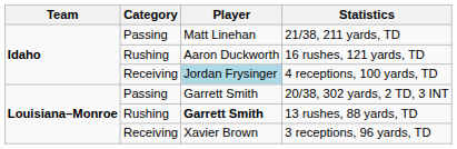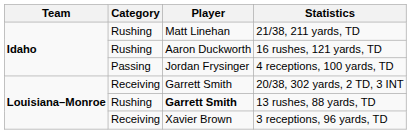 <table class="wikitable" style="float: right;">
 <tr>
 <th>Team</th>
 <th>Category</th>
 <th>Player</th>
 <th>Statistics</th>
 </tr>
 <tr>
 <td rowspan=3><strong>Idaho</strong></td>
-<td>Passing</td>
+<td>Rushing</td>
 <td>Matt Linehan</td>
 <td>21/38, 211 yards, TD</td>
 </tr>
 <tr>
 <td>Rushing</td>
 <td>Aaron Duckworth</td>
 <td>16 rushes, 121 yards, TD</td>
 </tr>
 <tr>
-<td>Receiving</td>
-<td style="background: lightblue;">Jordan Frysinger</td>
+<td>Passing</td>
+<td>Jordan Frysinger</td>
 <td>4 receptions, 100 yards, TD</td>
 </tr>
 <tr>
 <td rowspan=3><strong>Louisiana–Monroe</strong></td>
-<td>Passing</td>
+<td>Receiving</td>
 <td>Garrett Smith</td>
 <td>20/38, 302 yards, 2 TD, 3 INT</td>
 </tr>
 <tr>
 <td>Rushing</td>
 <td><strong>Garrett Smith</strong></td>
 <td>13 rushes, 88 yards, TD</td>
 </tr>
 <tr>
 <td>Receiving</td>
 <td>Xavier Brown</td>
 <td>3 receptions, 96 yards, TD</td>
 </tr>
 </table>
